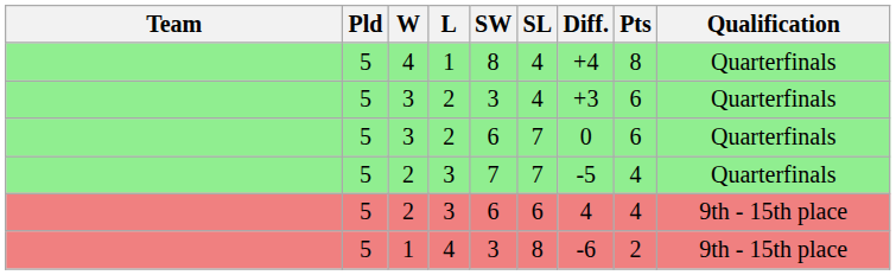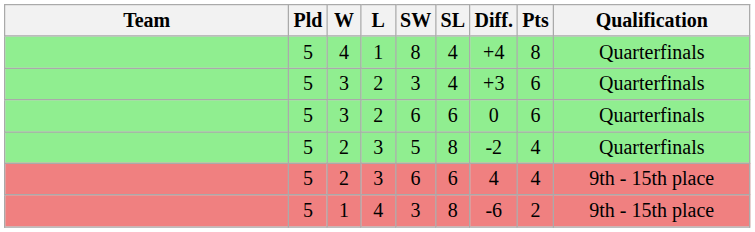 <table class=wikitable style="text-align:center">
 <tr>
 <th width=220>Team</th>
 <th width=20>Pld</th>
 <th width=20>W</th>
 <th width=20>L</th>
 <th width=20>SW</th>
 <th width=20>SL</th>
 <th width=20>Diff.</th>
 <th width=20>Pts</th>
 <th width=150>Qualification</th>
 </tr>
 <tr bgcolor=90EE90>
 <td align=left></td>
 <td>5</td>
 <td>4</td>
 <td>1</td>
 <td>8</td>
 <td>4</td>
 <td>+4</td>
 <td>8</td>
 <td>Quarterfinals</td>
 </tr>
 <tr bgcolor=90EE90>
 <td align=left></td>
 <td>5</td>
 <td>3</td>
 <td>2</td>
 <td>3</td>
 <td>4</td>
 <td>+3</td>
 <td>6</td>
 <td>Quarterfinals</td>
 </tr>
 <tr bgcolor=90EE90>
 <td align=left></td>
 <td>5</td>
 <td>3</td>
 <td>2</td>
 <td>6</td>
-<td>7</td>
+<td>6</td>
 <td>0</td>
 <td>6</td>
 <td>Quarterfinals</td>
 </tr>
 <tr bgcolor=90EE90>
 <td align=left></td>
 <td>5</td>
 <td>2</td>
 <td>3</td>
-<td>7</td>
-<td>7</td>
-<td>-5</td>
+<td>5</td>
+<td>8</td>
+<td>-2</td>
 <td>4</td>
 <td>Quarterfinals</td>
 </tr>
 <tr bgcolor=F08080>
 <td align=left></td>
 <td>5</td>
 <td>2</td>
 <td>3</td>
 <td>6</td>
 <td>6</td>
 <td>4</td>
 <td>4</td>
 <td>9th - 15th place</td>
 </tr>
 <tr bgcolor=F08080>
 <td align=left></td>
 <td>5</td>
 <td>1</td>
 <td>4</td>
 <td>3</td>
 <td>8</td>
 <td>-6</td>
 <td>2</td>
 <td>9th - 15th place</td>
 </tr>
 </table>
